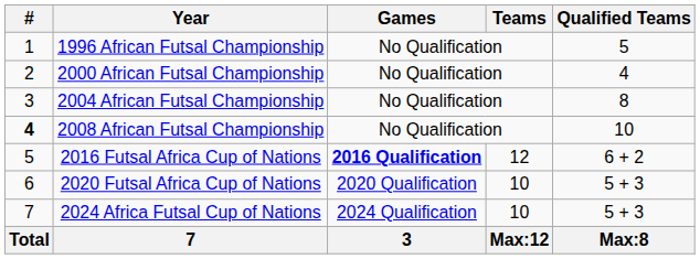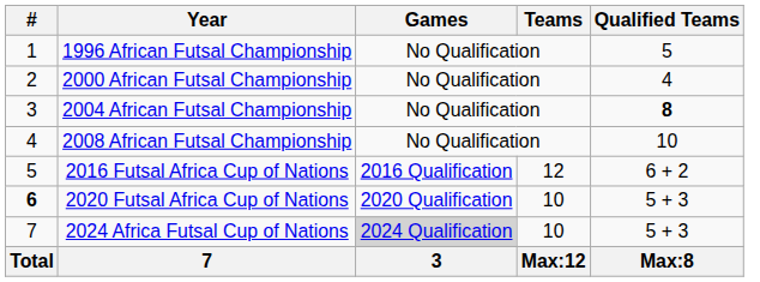 <table class="wikitable sortable" style="text-align:center">
 <tr>
 <th>#</th>
 <th>Year</th>
 <th>Games</th>
 <th>Teams</th>
 <th>Qualified Teams</th>
 </tr>
 <tr>
 <td>1</td>
 <td><a href='#'>1996 African Futsal Championship</a></td>
 <td colspan=2>No Qualification</td>
 <td>5</td>
 </tr>
 <tr>
 <td>2</td>
 <td><a href='#'>2000 African Futsal Championship</a></td>
 <td colspan=2>No Qualification</td>
 <td>4</td>
 </tr>
 <tr>
 <td>3</td>
 <td><a href='#'>2004 African Futsal Championship</a></td>
 <td colspan=2>No Qualification</td>
-<td>8</td>
+<td><strong>8</strong></td>
 </tr>
 <tr>
-<td><strong>4</strong></td>
+<td>4</td>
 <td><a href='#'>2008 African Futsal Championship</a></td>
 <td colspan=2>No Qualification</td>
 <td>10</td>
 </tr>
 <tr>
 <td>5</td>
 <td><a href='#'>2016 Futsal Africa Cup of Nations</a></td>
-<td><strong><a href='#'>2016 Qualification</a></strong></td>
+<td><a href='#'>2016 Qualification</a></td>
 <td>12</td>
 <td>6 + 2</td>
 </tr>
 <tr>
-<td>6</td>
+<td><strong>6</strong></td>
 <td><a href='#'>2020 Futsal Africa Cup of Nations</a></td>
 <td><a href='#'>2020 Qualification</a></td>
 <td>10</td>
 <td>5 + 3</td>
 </tr>
 <tr>
 <td>7</td>
 <td><a href='#'>2024 Africa Futsal Cup of Nations</a></td>
-<td><a href='#'>2024 Qualification</a></td>
+<td style="background: lightgrey;"><a href='#'>2024 Qualification</a></td>
 <td>10</td>
 <td>5 + 3</td>
 </tr>
 <tr>
 <th><strong>Total</strong></th>
 <th>7</th>
 <th>3</th>
 <th>Max:12</th>
 <th>Max:8</th>
 </tr>
 </table>
